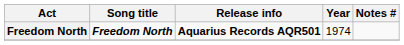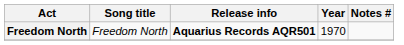 <table class="wikitable plainrowheaders sortable">
 <tr>
 <th scope="col">Act</th>
 <th scope="col">Song title</th>
 <th scope="col">Release info</th>
 <th scope="col">Year</th>
 <th scope="col" class="unsortable">Notes #</th>
 </tr>
 <tr>
 <th scope="row">Freedom North</th>
-<td><strong><em> Freedom North</em></strong></td>
+<td><em> Freedom North</em></td>
 <td><strong>Aquarius Records AQR501</strong></td>
-<td>1974</td>
+<td>1970</td>
 <td></td>
 </tr>
 <tr>
 </tr>
 </table>
